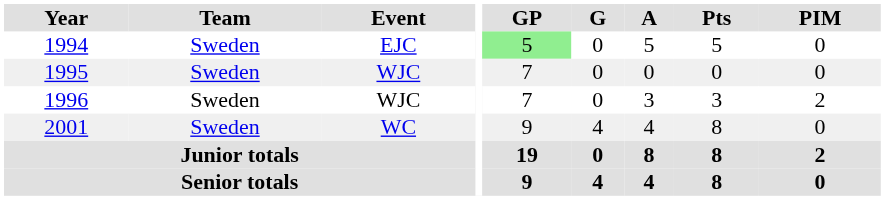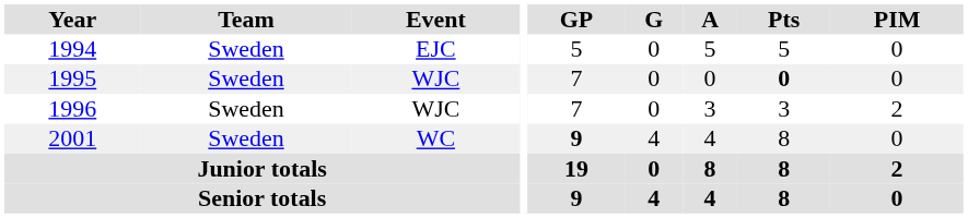 <table border="0" cellpadding="1" cellspacing="0" ID="Table3" style="text-align:center; width:40em">
 <tr ALIGN="center" bgcolor="#e0e0e0">
 <th>Year</th>
 <th>Team</th>
 <th>Event</th>
 <th rowspan="99" bgcolor="#ffffff"></th>
 <th>GP</th>
 <th>G</th>
 <th>A</th>
 <th>Pts</th>
 <th>PIM</th>
 </tr>
 <tr>
 <td><a href='#'>1994</a></td>
 <td><a href='#'>Sweden</a></td>
 <td><a href='#'>EJC</a></td>
-<td style="background: lightgreen;">5</td>
+<td>5</td>
 <td>0</td>
 <td>5</td>
 <td>5</td>
 <td>0</td>
 </tr>
 <tr bgcolor="#f0f0f0">
 <td><a href='#'>1995</a></td>
 <td><a href='#'>Sweden</a></td>
 <td><a href='#'>WJC</a></td>
 <td>7</td>
 <td>0</td>
 <td>0</td>
-<td>0</td>
+<td><strong>0</strong></td>
 <td>0</td>
 </tr>
 <tr>
 <td><a href='#'>1996</a></td>
 <td>Sweden</td>
 <td>WJC</td>
 <td>7</td>
 <td>0</td>
 <td>3</td>
 <td>3</td>
 <td>2</td>
 </tr>
 <tr bgcolor="#f0f0f0">
 <td><a href='#'>2001</a></td>
 <td><a href='#'>Sweden</a></td>
 <td><a href='#'>WC</a></td>
-<td>9</td>
+<td><strong>9</strong></td>
 <td>4</td>
 <td>4</td>
 <td>8</td>
 <td>0</td>
 </tr>
 <tr bgcolor="#e0e0e0">
 <th colspan="3">Junior totals</th>
 <th>19</th>
 <th>0</th>
 <th>8</th>
 <th>8</th>
 <th>2</th>
 </tr>
 <tr bgcolor="#e0e0e0">
 <th colspan="3">Senior totals</th>
 <th>9</th>
 <th>4</th>
 <th>4</th>
 <th>8</th>
 <th>0</th>
 </tr>
 </table>
